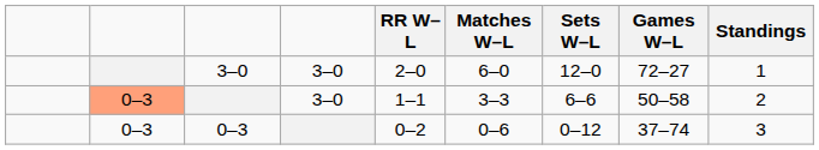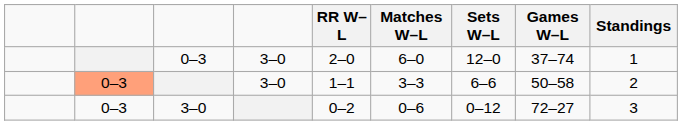 <table class="wikitable" style="width: 100%; text-align:center; font-size:90%">
 <tr>
 <td width=130></td>
 <td width=130></td>
 <td width=130></td>
 <td width=130></td>
 <th width=80>RR W–L</th>
 <th width=80>Matches W–L</th>
 <th width=80>Sets W–L</th>
 <th width=80>Games W–L</th>
 <th width=80>Standings</th>
 </tr>
 <tr>
 <td style="text-align:left;"></td>
 <th bgcolor="ededed"></th>
-<td>3–0</td>
+<td>0–3</td>
 <td>3–0</td>
 <td>2–0</td>
 <td>6–0</td>
 <td>12–0</td>
-<td>72–27</td>
+<td>37–74</td>
 <td>1</td>
 </tr>
 <tr>
 <td style="text-align:left;"></td>
 <td style="background: lightsalmon;">0–3</td>
 <th bgcolor="ededed"></th>
 <td>3–0</td>
 <td>1–1</td>
 <td>3–3</td>
 <td>6–6</td>
 <td>50–58</td>
 <td>2</td>
 </tr>
 <tr>
 <td style="text-align:left;"></td>
 <td>0–3</td>
-<td>0–3</td>
+<td>3–0</td>
 <th bgcolor="ededed"></th>
 <td>0–2</td>
 <td>0–6</td>
 <td>0–12</td>
-<td>37–74</td>
+<td>72–27</td>
 <td>3</td>
 </tr>
 </table>
